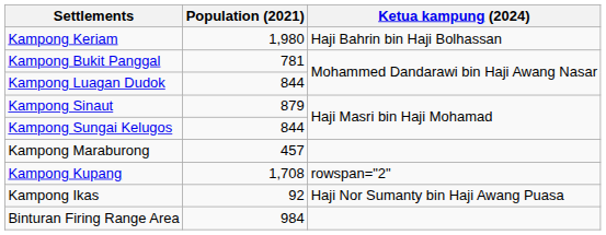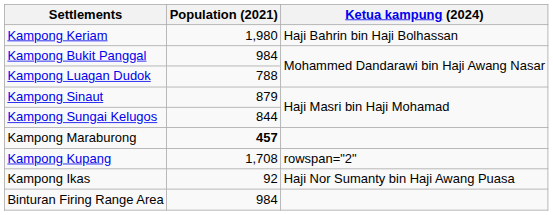 <table class="wikitable">
 <tr>
 <th>Settlements</th>
 <th>Population (2021)</th>
 <th><a href='#'>Ketua kampung</a> (2024)</th>
 </tr>
 <tr>
 <td><a href='#'>Kampong Keriam</a></td>
 <td align="right">1,980</td>
 <td>Haji Bahrin bin Haji Bolhassan</td>
 </tr>
 <tr>
 <td><a href='#'>Kampong Bukit Panggal</a></td>
-<td align="right">781</td>
+<td align="right">984</td>
 <td rowspan="2">Mohammed Dandarawi bin Haji Awang Nasar</td>
 </tr>
 <tr>
 <td><a href='#'>Kampong Luagan Dudok</a></td>
-<td align="right">844</td>
+<td align="right">788</td>
 </tr>
 <tr>
 <td><a href='#'>Kampong Sinaut</a></td>
 <td align="right">879</td>
 <td rowspan="2">Haji Masri bin Haji Mohamad</td>
 </tr>
 <tr>
 <td><a href='#'>Kampong Sungai Kelugos</a></td>
 <td align="right">844</td>
 </tr>
 <tr>
 <td>Kampong Maraburong</td>
-<td align="right">457</td>
+<td align="right"><strong>457</strong></td>
 <td></td>
 </tr>
 <tr>
 <td><a href='#'>Kampong Kupang</a></td>
 <td align="right">1,708</td>
 <td>rowspan="2" </td>
 </tr>
 <tr>
 <td>Kampong Ikas</td>
 <td align="right">92</td>
 <td>Haji Nor Sumanty bin Haji Awang Puasa</td>
 </tr>
 <tr>
 <td>Binturan Firing Range Area</td>
 <td align="right">984</td>
 </tr>
 </table>
